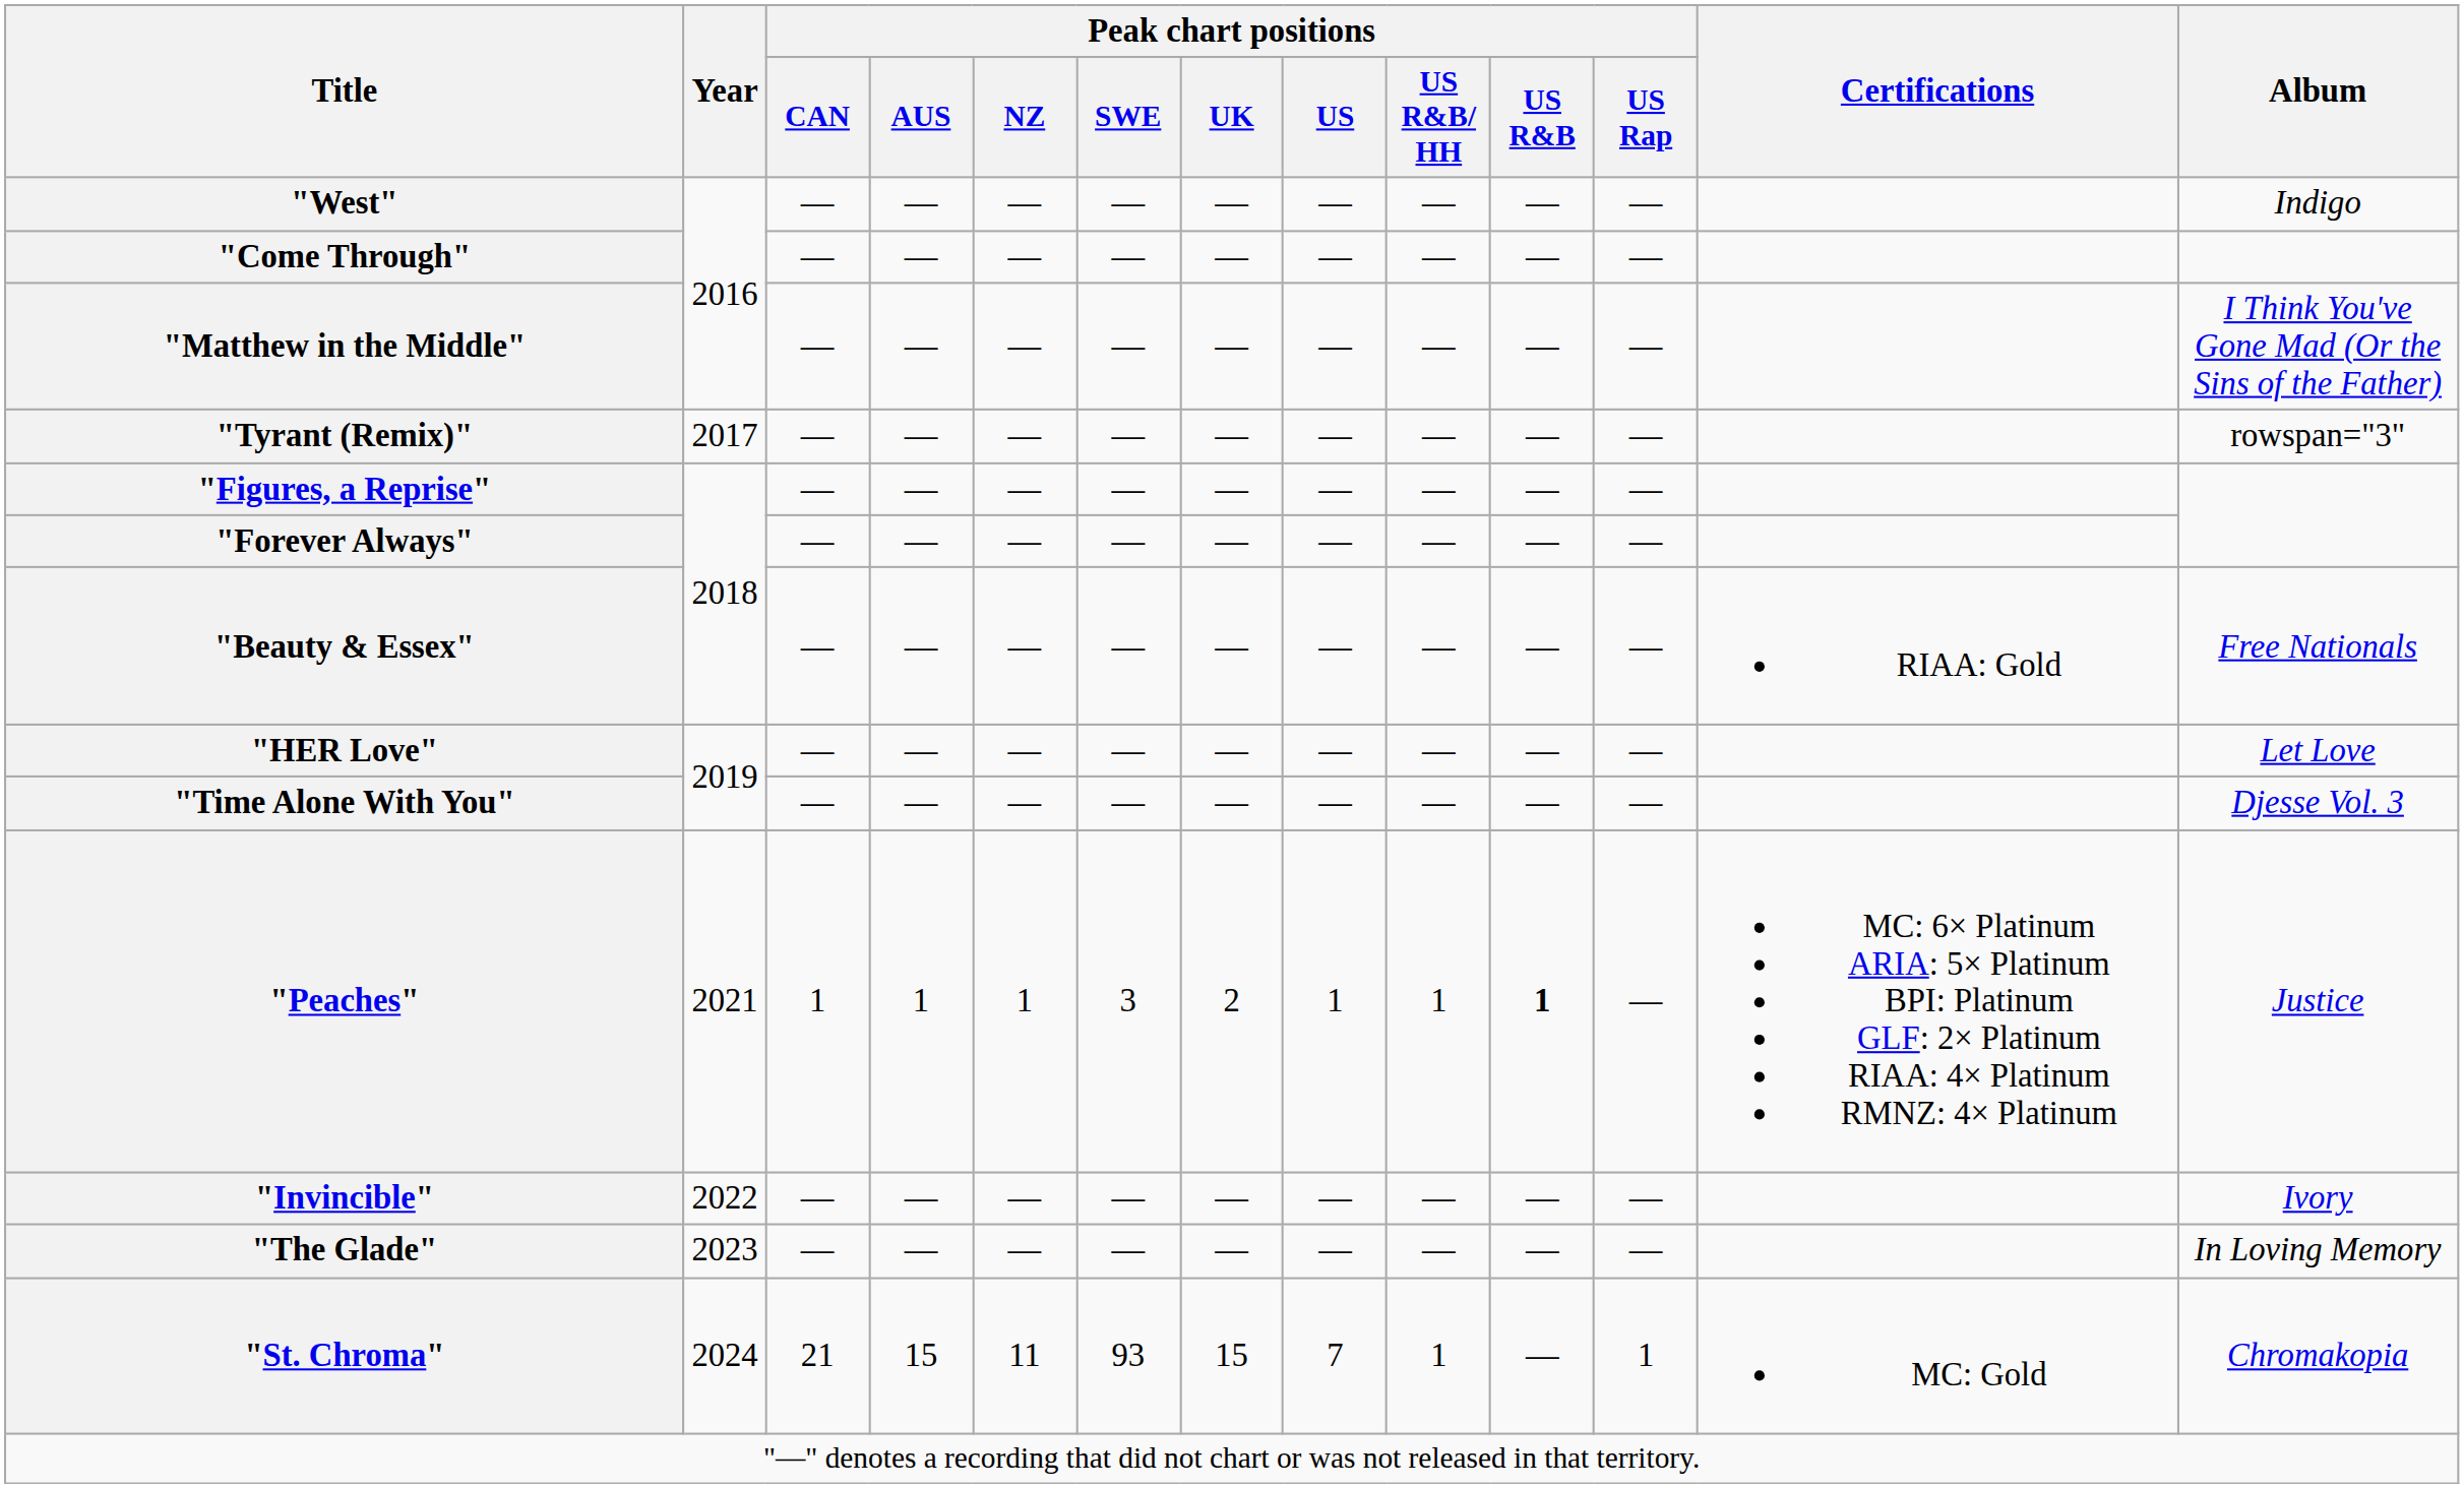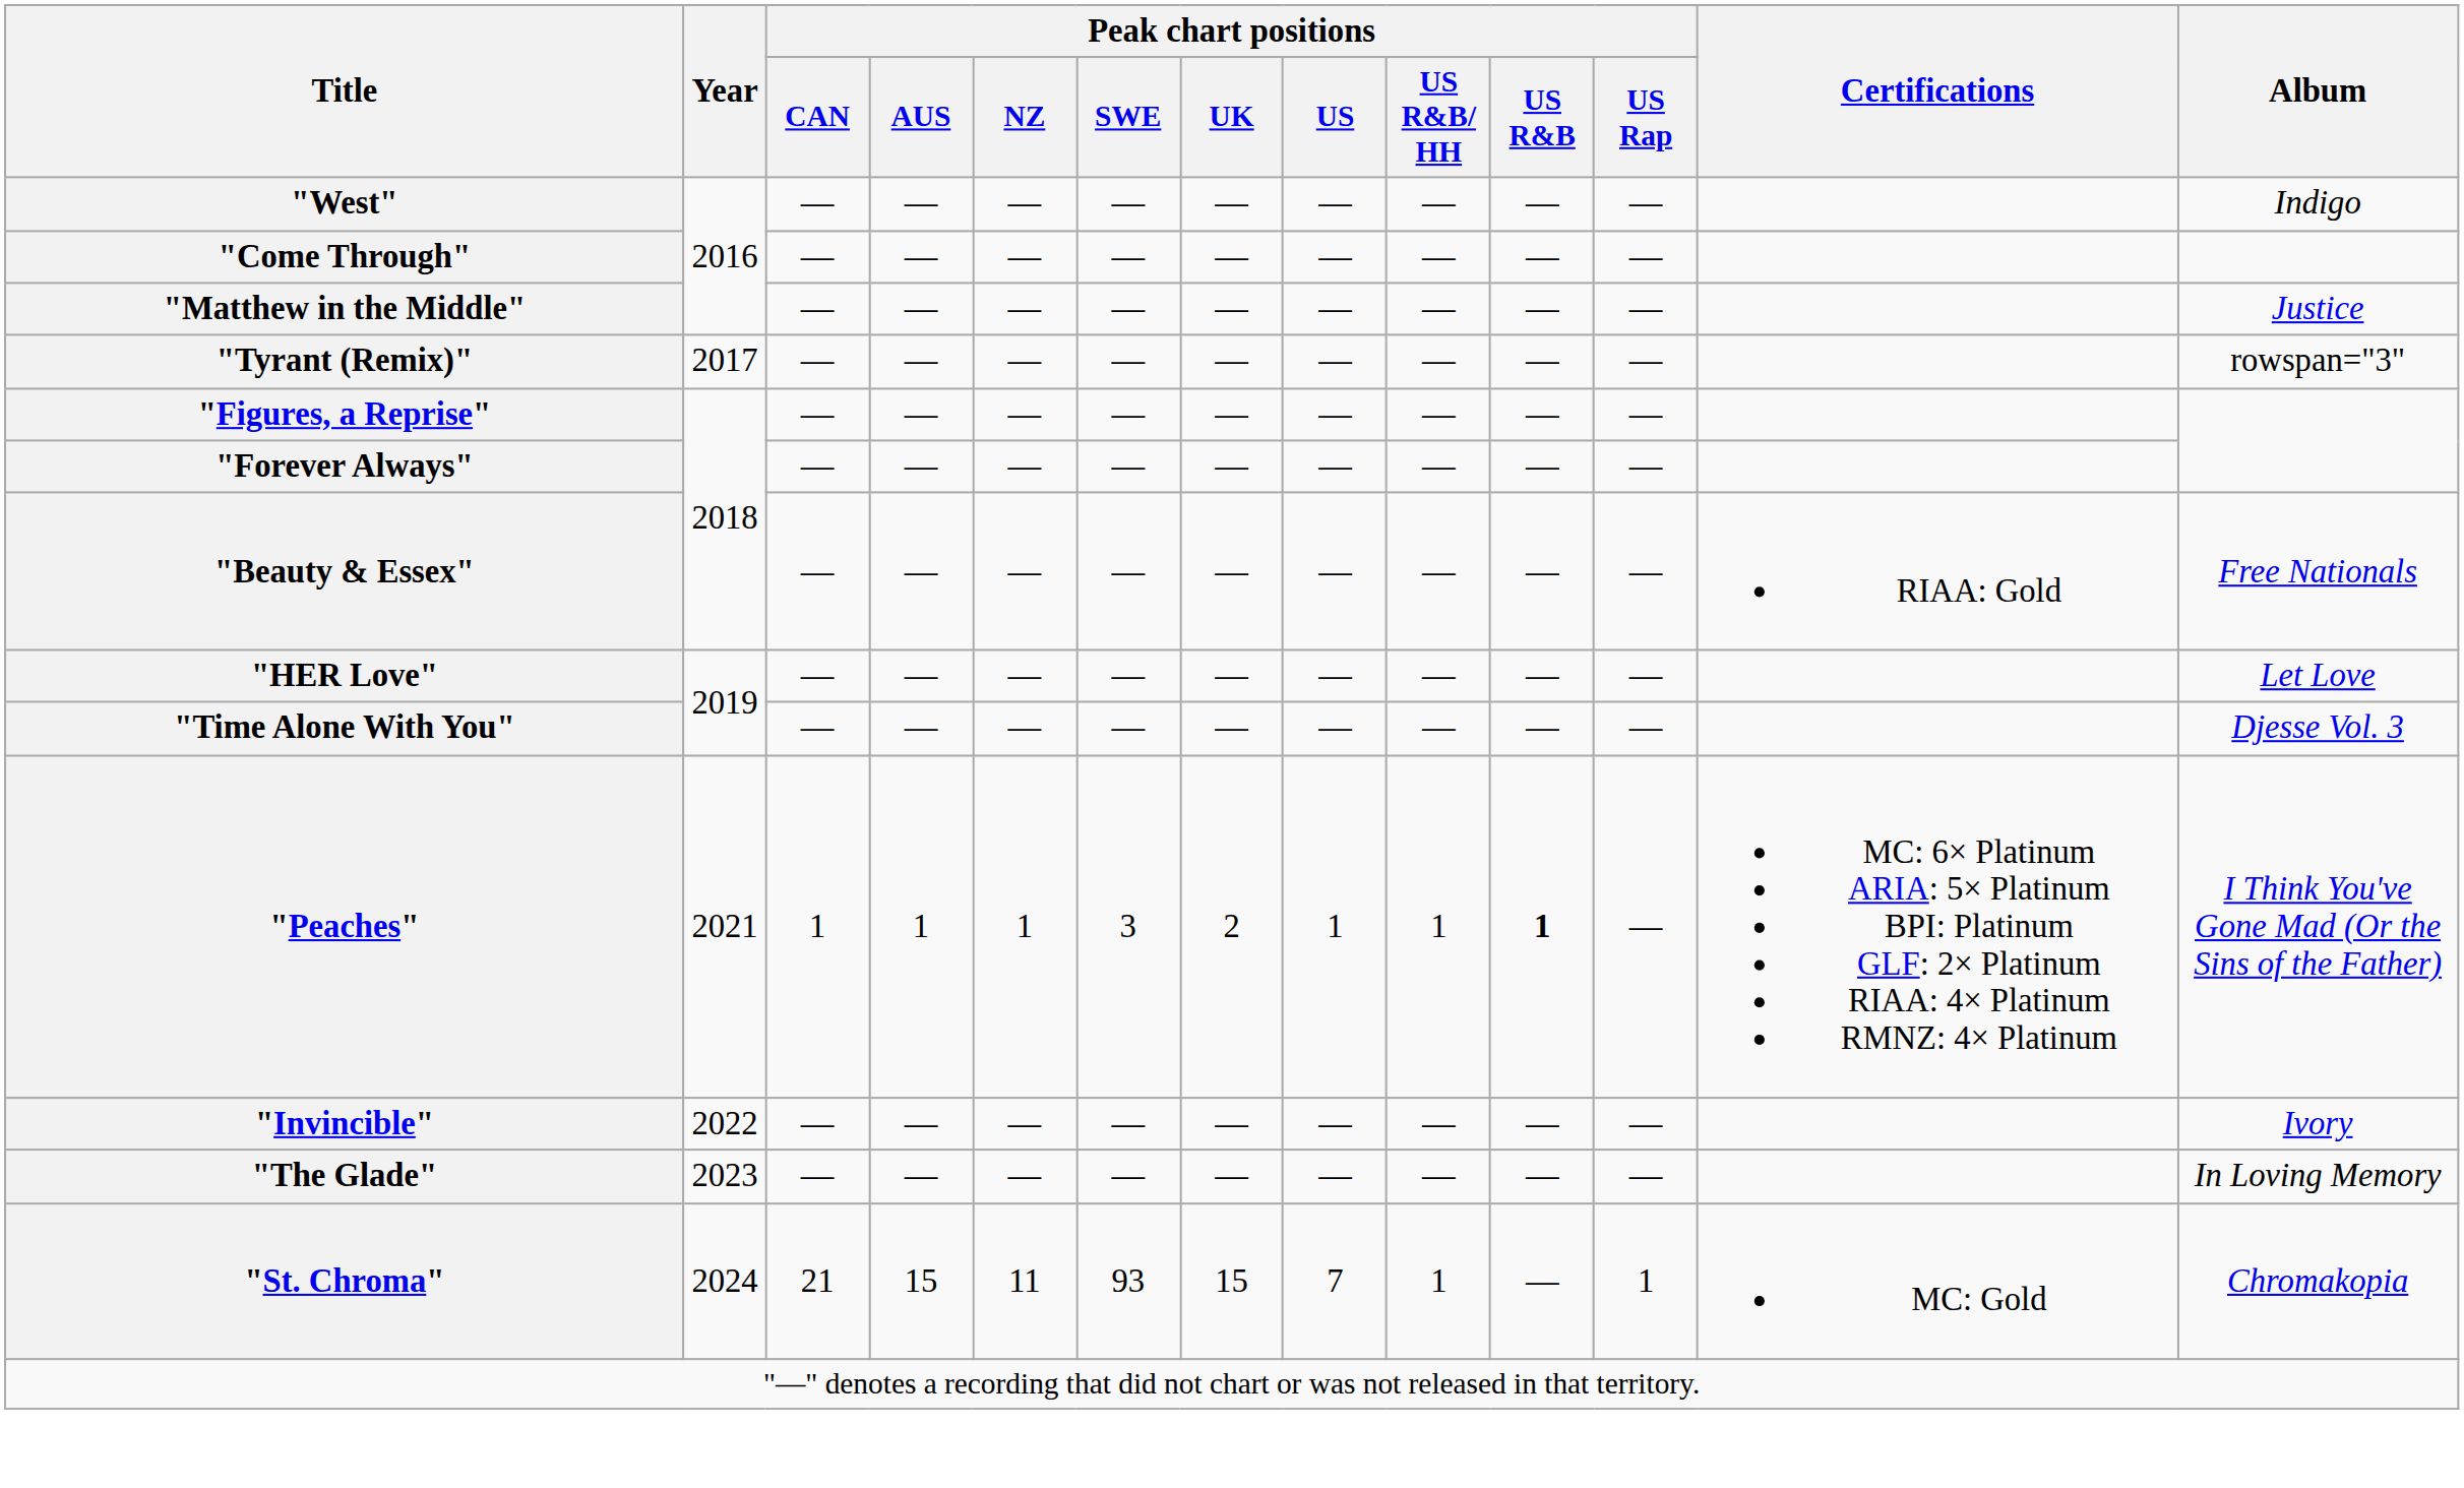 <table class="wikitable plainrowheaders" style="text-align:center;">
 <tr>
 <th scope="col" rowspan="2" style="width:20em;">Title</th>
 <th scope="col" rowspan="2" style="width:1em;">Year</th>
 <th scope="col" colspan="9">Peak chart positions</th>
 <th scope="col" rowspan="2" style="width:14em;"><a href='#'>Certifications</a></th>
 <th scope="col" rowspan="2" style="width:8em;">Album</th>
 </tr>
 <tr>
 <th scope="col" style="width:3em;font-size:90%;"><a href='#'>CAN</a><br></th>
 <th scope="col" style="width:3em;font-size:90%;"><a href='#'>AUS</a><br></th>
 <th scope="col" style="width:3em;font-size:90%;"><a href='#'>NZ</a><br></th>
 <th scope="col" style="width:3em;font-size:90%;"><a href='#'>SWE</a><br></th>
 <th scope="col" style="width:3em;font-size:90%;"><a href='#'>UK</a><br></th>
 <th scope="col" style="width:3em;font-size:90%;"><a href='#'>US</a><br></th>
 <th scope="col" style="width:3em;font-size:90%;"><a href='#'>US<br>R&B/<br>HH</a><br></th>
 <th scope="col" style="width:3em;font-size:90%;"><a href='#'>US<br>R&B</a><br></th>
 <th scope="col" style="width:3em;font-size:90%;"><a href='#'>US<br>Rap</a><br></th>
 </tr>
 <tr>
 <th scope="row">"West"<br></th>
 <td rowspan="3">2016</td>
 <td>—</td>
 <td>—</td>
 <td>—</td>
 <td>—</td>
 <td>—</td>
 <td>—</td>
 <td>—</td>
 <td>—</td>
 <td>—</td>
 <td></td>
 <td><em>Indigo</em></td>
 </tr>
 <tr>
 <th scope="row">"Come Through"<br></th>
 <td>—</td>
 <td>—</td>
 <td>—</td>
 <td>—</td>
 <td>—</td>
 <td>—</td>
 <td>—</td>
 <td>—</td>
 <td>—</td>
 <td></td>
 <td></td>
 </tr>
 <tr>
 <th scope="row">"Matthew in the Middle"<br></th>
 <td>—</td>
 <td>—</td>
 <td>—</td>
 <td>—</td>
 <td>—</td>
 <td>—</td>
 <td>—</td>
 <td>—</td>
 <td>—</td>
 <td></td>
-<td><em><a href='#'>I Think You've Gone Mad (Or the Sins of the Father)</a></em></td>
+<td><em><a href='#'>Justice</a></em></td>
 </tr>
 <tr>
 <th scope="row">"Tyrant (Remix)"<br></th>
 <td>2017</td>
 <td>—</td>
 <td>—</td>
 <td>—</td>
 <td>—</td>
 <td>—</td>
 <td>—</td>
 <td>—</td>
 <td>—</td>
 <td>—</td>
 <td></td>
 <td>rowspan="3" </td>
 </tr>
 <tr>
 <th scope="row">"<a href='#'>Figures, a Reprise</a>"<br></th>
 <td rowspan="3">2018</td>
 <td>—</td>
 <td>—</td>
 <td>—</td>
 <td>—</td>
 <td>—</td>
 <td>—</td>
 <td>—</td>
 <td>—</td>
 <td>—</td>
 <td></td>
 </tr>
 <tr>
 <th scope="row">"Forever Always"<br></th>
 <td>—</td>
 <td>—</td>
 <td>—</td>
 <td>—</td>
 <td>—</td>
 <td>—</td>
 <td>—</td>
 <td>—</td>
 <td>—</td>
 <td></td>
 </tr>
 <tr>
 <th scope="row">"Beauty & Essex"<br></th>
 <td>—</td>
 <td>—</td>
 <td>—</td>
 <td>—</td>
 <td>—</td>
 <td>—</td>
 <td>—</td>
 <td>—</td>
 <td>—</td>
 <td><br><ul><li>RIAA: Gold</li></ul></td>
 <td><em><a href='#'>Free Nationals</a></em></td>
 </tr>
 <tr>
 <th scope="row">"HER Love"<br></th>
 <td rowspan="2">2019</td>
 <td>—</td>
 <td>—</td>
 <td>—</td>
 <td>—</td>
 <td>—</td>
 <td>—</td>
 <td>—</td>
 <td>—</td>
 <td>—</td>
 <td></td>
 <td><em><a href='#'>Let Love</a></em></td>
 </tr>
 <tr>
 <th scope="row">"Time Alone With You"<br></th>
 <td>—</td>
 <td>—</td>
 <td>—</td>
 <td>—</td>
 <td>—</td>
 <td>—</td>
 <td>—</td>
 <td>—</td>
 <td>—</td>
 <td></td>
 <td><em><a href='#'>Djesse Vol. 3</a></em></td>
 </tr>
 <tr>
 <th scope="row">"<a href='#'>Peaches</a>"<br></th>
 <td>2021</td>
 <td>1</td>
 <td>1</td>
 <td>1</td>
 <td>3</td>
 <td>2</td>
 <td>1</td>
 <td>1</td>
 <td><strong>1</strong></td>
 <td>—</td>
 <td><br><ul><li>MC: 6× Platinum</li><li><a href='#'>ARIA</a>: 5× Platinum</li><li>BPI: Platinum</li><li><a href='#'>GLF</a>: 2× Platinum</li><li>RIAA: 4× Platinum</li><li>RMNZ: 4× Platinum</li></ul></td>
-<td><em><a href='#'>Justice</a></em></td>
+<td><em><a href='#'>I Think You've Gone Mad (Or the Sins of the Father)</a></em></td>
 </tr>
 <tr>
 <th scope="row">"<a href='#'>Invincible</a>"<br></th>
 <td>2022</td>
 <td>—</td>
 <td>—</td>
 <td>—</td>
 <td>—</td>
 <td>—</td>
 <td>—</td>
 <td>—</td>
 <td>—</td>
 <td>—</td>
 <td></td>
 <td><em><a href='#'>Ivory</a></em></td>
 </tr>
 <tr>
 <th scope="row">"The Glade"<br></th>
 <td>2023</td>
 <td>—</td>
 <td>—</td>
 <td>—</td>
 <td>—</td>
 <td>—</td>
 <td>—</td>
 <td>—</td>
 <td>—</td>
 <td>—</td>
 <td></td>
 <td><em>In Loving Memory</em></td>
 </tr>
 <tr>
 <th scope="row">"<a href='#'>St. Chroma</a>"<br></th>
 <td>2024</td>
 <td>21</td>
 <td>15</td>
 <td>11</td>
 <td>93</td>
 <td>15</td>
 <td>7</td>
 <td>1</td>
 <td>—</td>
 <td>1</td>
 <td><br><ul><li>MC: Gold</li></ul></td>
 <td><em><a href='#'>Chromakopia</a></em></td>
 </tr>
 <tr>
 <td colspan="17" style="font-size:90%">"—" denotes a recording that did not chart or was not released in that territory.</td>
 </tr>
 </table>
